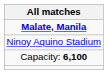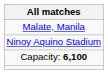 <table class="wikitable" style="text-align:center">
 <tr>
 <th>All matches</th>
 </tr>
 <tr>
-<td><strong><a href='#'>Malate, Manila</a></strong></td>
+<td><a href='#'>Malate, Manila</a></td>
 </tr>
 <tr>
 <td><a href='#'>Ninoy Aquino Stadium</a></td>
 </tr>
 <tr>
 <td>Capacity: <strong>6,100</strong></td>
 </tr>
 <tr>
 <td></td>
 </tr>
 </table>
